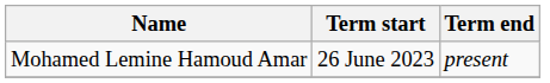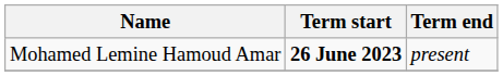 <table class="wikitable" style="font-size:95%;">
 <tr>
 <th>Name</th>
 <th>Term start</th>
 <th>Term end</th>
 </tr>
 <tr>
 <td>Mohamed Lemine Hamoud Amar</td>
-<td>26 June 2023</td>
+<td><strong>26 June 2023</strong></td>
 <td><em>present</em></td>
 </tr>
 <tr>
 </tr>
 </table>
